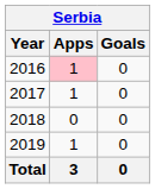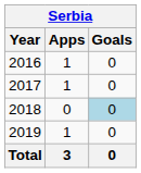 <table class="wikitable" style="text-align:center">
 <tr>
 <th colspan="3"><a href='#'>Serbia</a></th>
 </tr>
 <tr>
 <th>Year</th>
 <th>Apps</th>
 <th>Goals</th>
 </tr>
 <tr>
 <td>2016</td>
-<td style="background: pink;">1</td>
+<td>1</td>
 <td>0</td>
 </tr>
 <tr>
 <td>2017</td>
 <td>1</td>
 <td>0</td>
 </tr>
 <tr>
 <td>2018</td>
 <td>0</td>
-<td>0</td>
+<td style="background: lightblue;">0</td>
 </tr>
 <tr>
 <td>2019</td>
 <td>1</td>
 <td>0</td>
 </tr>
 <tr>
 <th>Total</th>
 <th>3</th>
 <th>0</th>
 </tr>
 </table>
